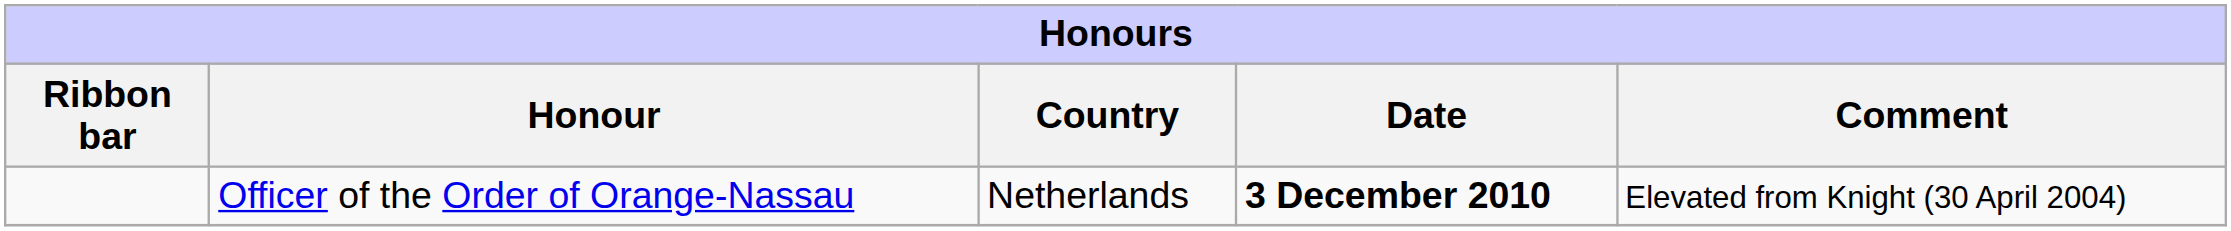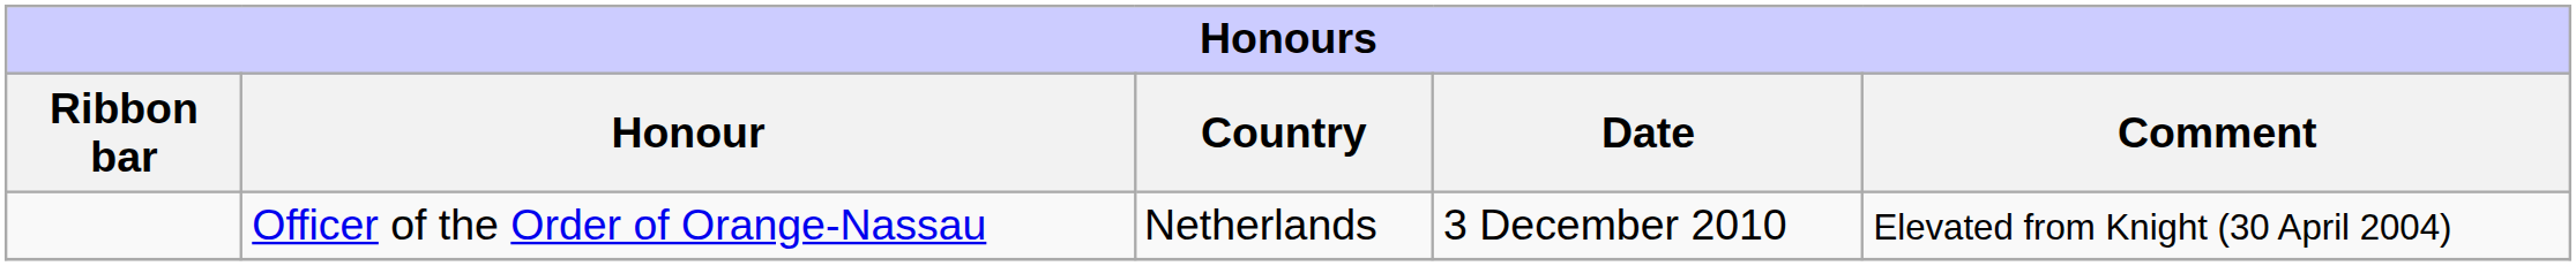 <table class="wikitable" style="width:60%;">
 <tr style="background:#ccf; text-align:center;">
 <td colspan=5><strong>Honours</strong></td>
 </tr>
 <tr>
 <th style="width:80px;">Ribbon bar</th>
 <th>Honour</th>
 <th>Country</th>
 <th>Date</th>
 <th>Comment</th>
 </tr>
 <tr>
 <td></td>
 <td><a href='#'>Officer</a> of the <a href='#'>Order of Orange-Nassau</a></td>
 <td>Netherlands</td>
-<td><strong>3 December 2010</strong></td>
+<td>3 December 2010</td>
 <td><small>Elevated from Knight (30 April 2004)</small></td>
 </tr>
 <tr>
 </tr>
 </table>
